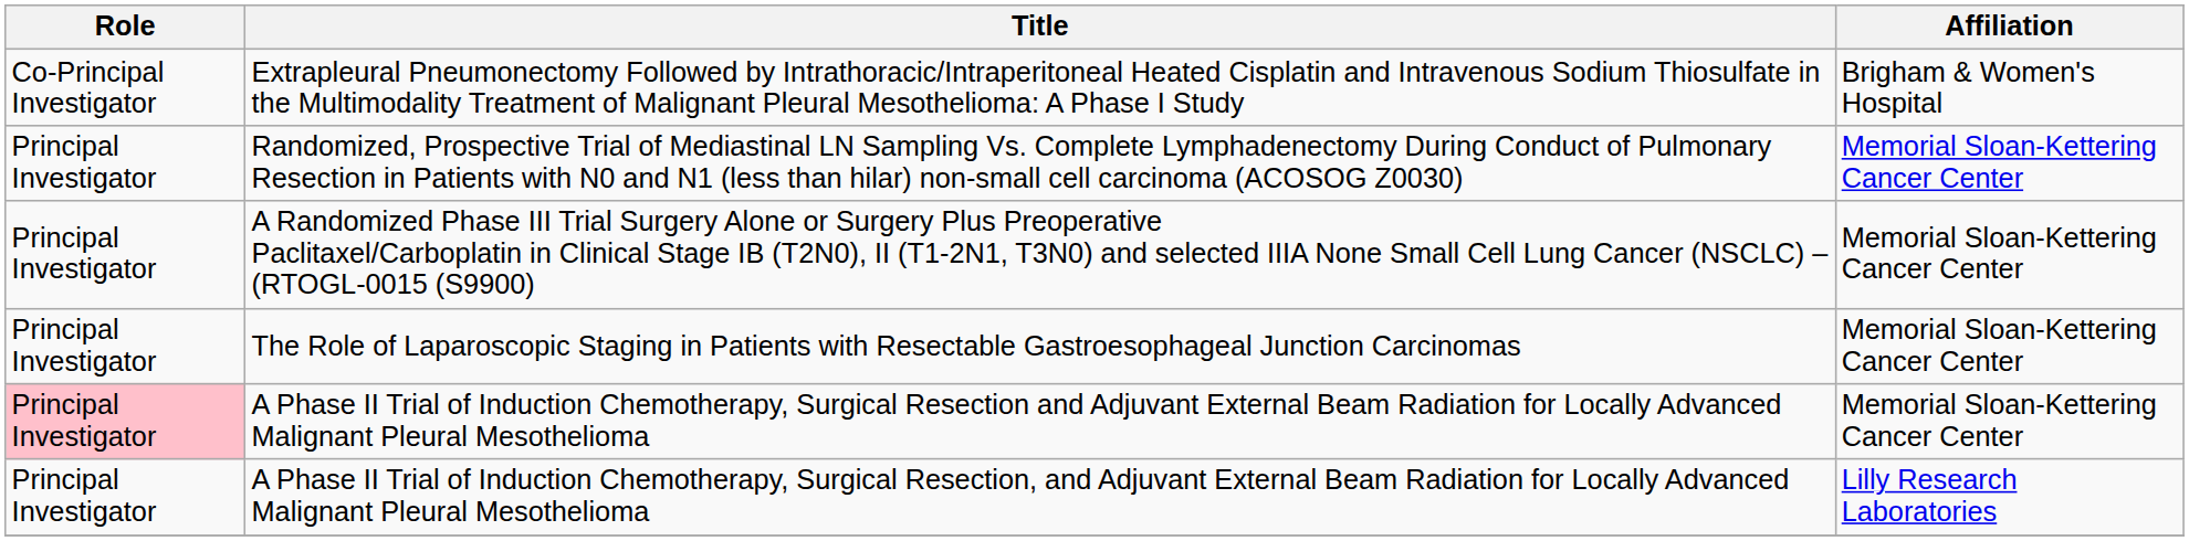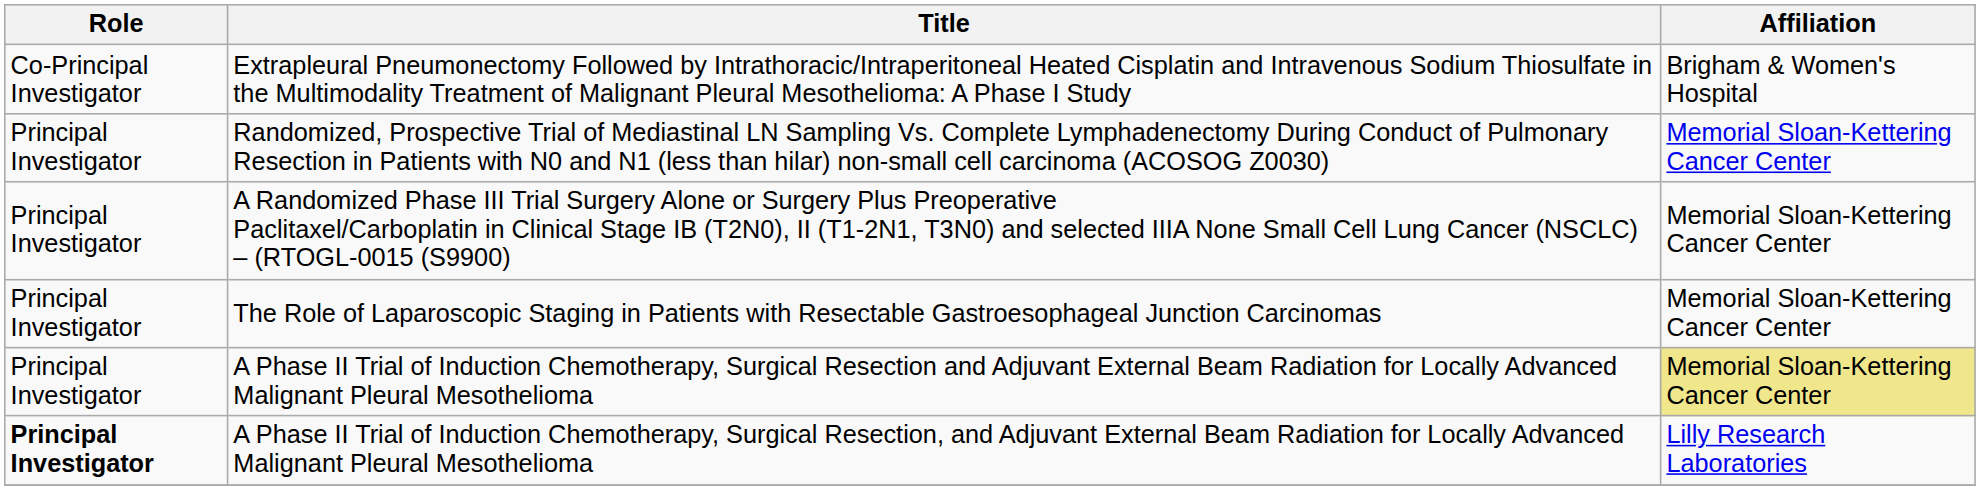 <table class="wikitable">
 <tr>
 <th>Role</th>
 <th>Title</th>
 <th>Affiliation</th>
 </tr>
 <tr>
 <td>Co-Principal Investigator</td>
 <td>Extrapleural Pneumonectomy Followed by Intrathoracic/Intraperitoneal Heated Cisplatin and Intravenous Sodium Thiosulfate in the Multimodality Treatment of Malignant Pleural Mesothelioma: A Phase I Study</td>
 <td>Brigham & Women's Hospital</td>
 </tr>
 <tr>
 <td>Principal Investigator</td>
 <td>Randomized, Prospective Trial of Mediastinal LN Sampling Vs. Complete Lymphadenectomy During Conduct of Pulmonary Resection in Patients with N0 and N1 (less than hilar) non-small cell carcinoma (ACOSOG Z0030)</td>
 <td><a href='#'>Memorial Sloan-Kettering Cancer Center</a></td>
 </tr>
 <tr>
 <td>Principal Investigator</td>
 <td>A Randomized Phase III Trial Surgery Alone or Surgery Plus Preoperative<br>Paclitaxel/Carboplatin in Clinical Stage IB (T2N0), II (T1-2N1, T3N0) and selected IIIA None Small Cell Lung Cancer (NSCLC) – (RTOGL-0015 (S9900)</td>
 <td>Memorial Sloan-Kettering Cancer Center</td>
 </tr>
 <tr>
 <td>Principal Investigator</td>
 <td>The Role of Laparoscopic Staging in Patients with Resectable Gastroesophageal Junction Carcinomas</td>
 <td>Memorial Sloan-Kettering Cancer Center</td>
 </tr>
 <tr>
-<td style="background: pink;">Principal Investigator</td>
+<td>Principal Investigator</td>
 <td>A Phase II Trial of Induction Chemotherapy, Surgical Resection and Adjuvant External Beam Radiation for Locally Advanced Malignant Pleural Mesothelioma</td>
-<td>Memorial Sloan-Kettering Cancer Center</td>
+<td style="background: khaki;">Memorial Sloan-Kettering Cancer Center</td>
 </tr>
 <tr>
-<td>Principal Investigator</td>
+<td><strong>Principal Investigator</strong></td>
 <td>A Phase II Trial of Induction Chemotherapy, Surgical Resection, and Adjuvant External Beam Radiation for Locally Advanced Malignant Pleural Mesothelioma</td>
 <td><a href='#'>Lilly Research Laboratories</a></td>
 </tr>
 <tr>
 </tr>
 </table>
